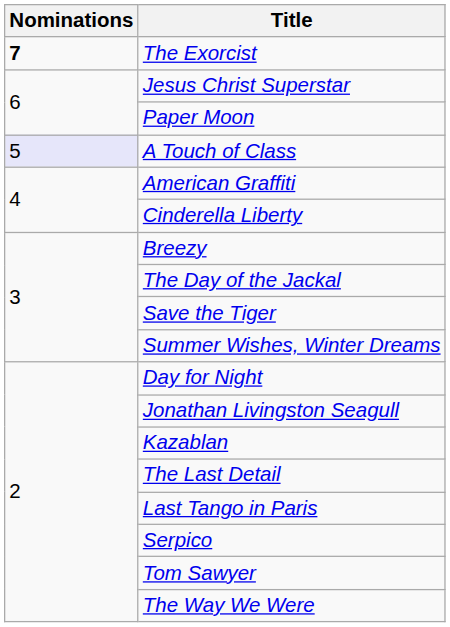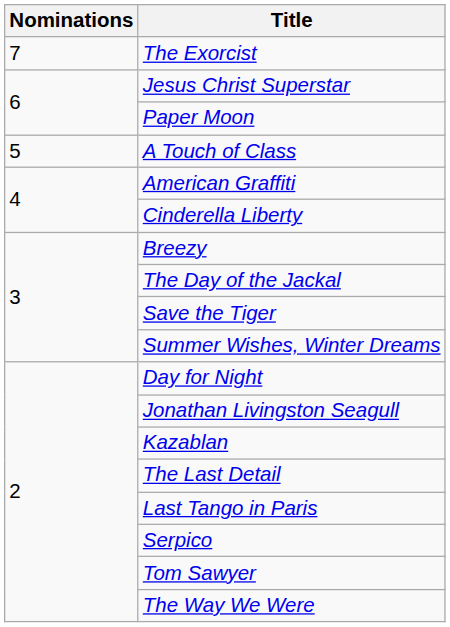 <table class="wikitable">
 <tr>
 <th>Nominations</th>
 <th>Title</th>
 </tr>
 <tr>
-<td><strong>7</strong></td>
+<td>7</td>
 <td><em><a href='#'>The Exorcist</a></em></td>
 </tr>
 <tr>
 <td rowspan="2">6</td>
 <td><em><a href='#'>Jesus Christ Superstar</a></em></td>
 </tr>
 <tr>
 <td><em><a href='#'>Paper Moon</a></em></td>
 </tr>
 <tr>
-<td style="background: lavender;">5</td>
+<td>5</td>
 <td><em><a href='#'>A Touch of Class</a></em></td>
 </tr>
 <tr>
 <td rowspan="2">4</td>
 <td><em><a href='#'>American Graffiti</a></em></td>
 </tr>
 <tr>
 <td><em><a href='#'>Cinderella Liberty</a></em></td>
 </tr>
 <tr>
 <td rowspan="4">3</td>
 <td><em><a href='#'>Breezy</a></em></td>
 </tr>
 <tr>
 <td><em><a href='#'>The Day of the Jackal</a></em></td>
 </tr>
 <tr>
 <td><em><a href='#'>Save the Tiger</a></em></td>
 </tr>
 <tr>
 <td><em><a href='#'>Summer Wishes, Winter Dreams</a></em></td>
 </tr>
 <tr>
 <td rowspan="8">2</td>
 <td><em><a href='#'>Day for Night</a></em></td>
 </tr>
 <tr>
 <td><em><a href='#'>Jonathan Livingston Seagull</a></em></td>
 </tr>
 <tr>
 <td><em><a href='#'>Kazablan</a></em></td>
 </tr>
 <tr>
 <td><em><a href='#'>The Last Detail</a></em></td>
 </tr>
 <tr>
 <td><em><a href='#'>Last Tango in Paris</a></em></td>
 </tr>
 <tr>
 <td><em><a href='#'>Serpico</a></em></td>
 </tr>
 <tr>
 <td><em><a href='#'>Tom Sawyer</a></em></td>
 </tr>
 <tr>
 <td><em><a href='#'>The Way We Were</a></em></td>
 </tr>
 </table>
